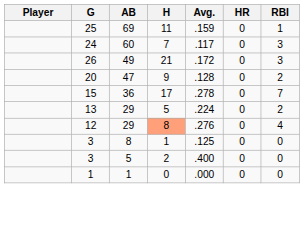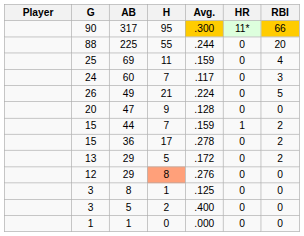 <table class="wikitable sortable">
 <tr>
 <th bgcolor="#DDDDFF" width="16%">Player</th>
 <th bgcolor="#DDDDFF" width="9%">G</th>
 <th bgcolor="#DDDDFF" width="9%">AB</th>
 <th bgcolor="#DDDDFF" width="9%">H</th>
 <th bgcolor="#DDDDFF" width="9%">Avg.</th>
 <th bgcolor="#DDDDFF" width="9%">HR</th>
 <th bgcolor="#DDDDFF" width="9%">RBI</th>
 </tr>
 <tr align="center">
 <td></td>
+<td>90</td>
+<td>317</td>
+<td>95</td>
+<td style="background:#fc0;">.300</td>
+<td style="background:#DDFFDD;">11*</td>
+<td style="background:#fc0;">66</td>
+</tr>
+<tr align="center">
+<td></td>
+<td>88</td>
+<td>225</td>
+<td>55</td>
+<td>.244</td>
+<td>0</td>
+<td>20</td>
+</tr>
+<tr align="center">
+<td></td>
 <td>25</td>
 <td>69</td>
 <td>11</td>
 <td>.159</td>
 <td>0</td>
-<td>1</td>
+<td>4</td>
 </tr>
 <tr align="center">
 <td></td>
 <td>24</td>
 <td>60</td>
 <td>7</td>
 <td>.117</td>
 <td>0</td>
 <td>3</td>
 </tr>
 <tr align="center">
 <td></td>
 <td>26</td>
 <td>49</td>
 <td>21</td>
-<td>.172</td>
+<td>.224</td>
 <td>0</td>
-<td>3</td>
+<td>5</td>
 </tr>
 <tr align=center>
 <td></td>
 <td>20</td>
 <td>47</td>
 <td>9</td>
 <td>.128</td>
 <td>0</td>
+<td>0</td>
+</tr>
+<tr align="center">
+<td></td>
+<td>15</td>
+<td>44</td>
+<td>7</td>
+<td>.159</td>
+<td>1</td>
 <td>2</td>
 </tr>
 <tr align="center">
 <td></td>
 <td>15</td>
 <td>36</td>
 <td>17</td>
 <td>.278</td>
 <td>0</td>
-<td>7</td>
+<td>2</td>
 </tr>
 <tr align="center">
 <td></td>
 <td>13</td>
 <td>29</td>
 <td>5</td>
-<td>.224</td>
+<td>.172</td>
 <td>0</td>
 <td>2</td>
 </tr>
 <tr align="center">
 <td></td>
 <td>12</td>
 <td>29</td>
 <td style="background: lightsalmon;">8</td>
 <td>.276</td>
 <td>0</td>
-<td>4</td>
+<td>0</td>
 </tr>
 <tr align="center">
 <td></td>
 <td>3</td>
 <td>8</td>
 <td>1</td>
 <td>.125</td>
 <td>0</td>
 <td>0</td>
 </tr>
 <tr align="center">
 <td></td>
 <td>3</td>
 <td>5</td>
 <td>2</td>
 <td>.400</td>
 <td>0</td>
 <td>0</td>
 </tr>
 <tr align="center">
 <td></td>
 <td>1</td>
 <td>1</td>
 <td>0</td>
 <td>.000</td>
 <td>0</td>
 <td>0</td>
 </tr>
 </table>
